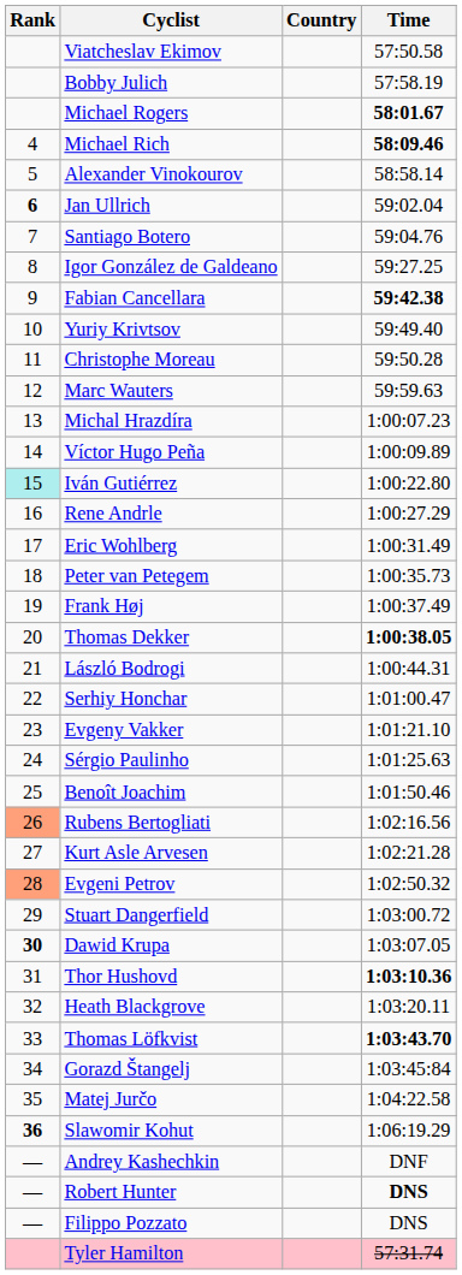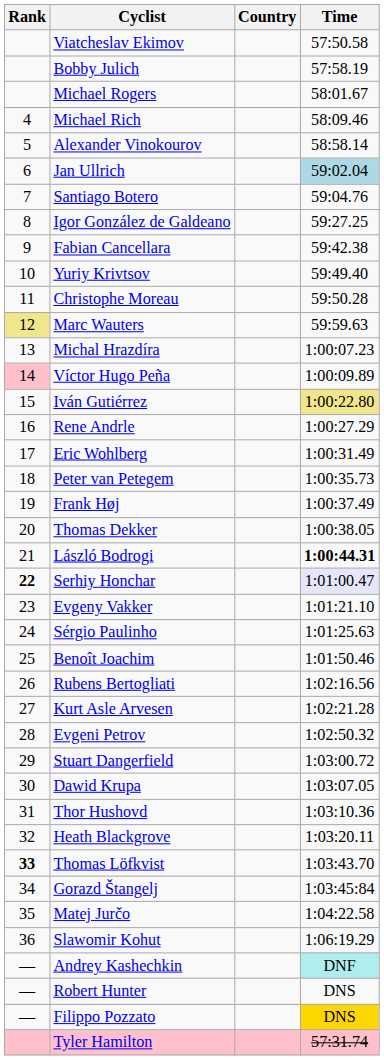 <table class="wikitable sortable" style="text-align:center;">
 <tr>
 <th>Rank</th>
 <th>Cyclist</th>
 <th>Country</th>
 <th>Time</th>
 </tr>
 <tr>
 <td></td>
 <td align=left><a href='#'>Viatcheslav Ekimov</a></td>
 <td align=left></td>
 <td>57:50.58</td>
 </tr>
 <tr>
 <td></td>
 <td align=left><a href='#'>Bobby Julich</a></td>
 <td align=left></td>
 <td>57:58.19</td>
 </tr>
 <tr>
 <td></td>
 <td align=left><a href='#'>Michael Rogers</a></td>
 <td align=left></td>
-<td><strong>58:01.67</strong></td>
+<td>58:01.67</td>
 </tr>
 <tr>
 <td>4</td>
 <td align=left><a href='#'>Michael Rich</a></td>
 <td align=left></td>
-<td><strong>58:09.46</strong></td>
+<td>58:09.46</td>
 </tr>
 <tr>
 <td>5</td>
 <td align=left><a href='#'>Alexander Vinokourov</a></td>
 <td align=left></td>
 <td>58:58.14</td>
 </tr>
 <tr>
-<td><strong>6</strong></td>
+<td>6</td>
 <td align=left><a href='#'>Jan Ullrich</a></td>
 <td align=left></td>
-<td>59:02.04</td>
+<td style="background: lightblue;">59:02.04</td>
 </tr>
 <tr>
 <td>7</td>
 <td align=left><a href='#'>Santiago Botero</a></td>
 <td align=left></td>
 <td>59:04.76</td>
 </tr>
 <tr>
 <td>8</td>
 <td align=left><a href='#'>Igor González de Galdeano</a></td>
 <td align=left></td>
 <td>59:27.25</td>
 </tr>
 <tr>
 <td>9</td>
 <td align=left><a href='#'>Fabian Cancellara</a></td>
 <td align=left></td>
-<td><strong>59:42.38</strong></td>
+<td>59:42.38</td>
 </tr>
 <tr>
 <td>10</td>
 <td align=left><a href='#'>Yuriy Krivtsov</a></td>
 <td align=left></td>
 <td>59:49.40</td>
 </tr>
 <tr>
 <td>11</td>
 <td align=left><a href='#'>Christophe Moreau</a></td>
 <td align=left></td>
 <td>59:50.28</td>
 </tr>
 <tr>
-<td>12</td>
+<td style="background: khaki;">12</td>
 <td align=left><a href='#'>Marc Wauters</a></td>
 <td align=left></td>
 <td>59:59.63</td>
 </tr>
 <tr>
 <td>13</td>
 <td align=left><a href='#'>Michal Hrazdíra</a></td>
 <td align=left></td>
 <td>1:00:07.23</td>
 </tr>
 <tr>
-<td>14</td>
+<td style="background: pink;">14</td>
 <td align=left><a href='#'>Víctor Hugo Peña</a></td>
 <td align=left></td>
 <td>1:00:09.89</td>
 </tr>
 <tr>
-<td style="background: paleturquoise;">15</td>
+<td>15</td>
 <td align=left><a href='#'>Iván Gutiérrez</a></td>
 <td align=left></td>
-<td>1:00:22.80</td>
+<td style="background: khaki;">1:00:22.80</td>
 </tr>
 <tr>
 <td>16</td>
 <td align=left><a href='#'>Rene Andrle</a></td>
 <td align=left></td>
 <td>1:00:27.29</td>
 </tr>
 <tr>
 <td>17</td>
 <td align=left><a href='#'>Eric Wohlberg</a></td>
 <td align=left></td>
 <td>1:00:31.49</td>
 </tr>
 <tr>
 <td>18</td>
 <td align=left><a href='#'>Peter van Petegem</a></td>
 <td align=left></td>
 <td>1:00:35.73</td>
 </tr>
 <tr>
 <td>19</td>
 <td align=left><a href='#'>Frank Høj</a></td>
 <td align=left></td>
 <td>1:00:37.49</td>
 </tr>
 <tr>
 <td>20</td>
 <td align=left><a href='#'>Thomas Dekker</a></td>
 <td align=left></td>
-<td><strong>1:00:38.05</strong></td>
+<td>1:00:38.05</td>
 </tr>
 <tr>
 <td>21</td>
 <td align=left><a href='#'>László Bodrogi</a></td>
 <td align=left></td>
-<td>1:00:44.31</td>
+<td><strong>1:00:44.31</strong></td>
 </tr>
 <tr>
-<td>22</td>
+<td><strong>22</strong></td>
 <td align=left><a href='#'>Serhiy Honchar</a></td>
 <td align=left></td>
-<td>1:01:00.47</td>
+<td style="background: lavender;">1:01:00.47</td>
 </tr>
 <tr>
 <td>23</td>
 <td align=left><a href='#'>Evgeny Vakker</a></td>
 <td align=left></td>
 <td>1:01:21.10</td>
 </tr>
 <tr>
 <td>24</td>
 <td align=left><a href='#'>Sérgio Paulinho</a></td>
 <td align=left></td>
 <td>1:01:25.63</td>
 </tr>
 <tr>
 <td>25</td>
 <td align=left><a href='#'>Benoît Joachim</a></td>
 <td align=left></td>
 <td>1:01:50.46</td>
 </tr>
 <tr>
-<td style="background: lightsalmon;">26</td>
+<td>26</td>
 <td align=left><a href='#'>Rubens Bertogliati</a></td>
 <td align=left></td>
 <td>1:02:16.56</td>
 </tr>
 <tr>
 <td>27</td>
 <td align=left><a href='#'>Kurt Asle Arvesen</a></td>
 <td align=left></td>
 <td>1:02:21.28</td>
 </tr>
 <tr>
-<td style="background: lightsalmon;">28</td>
+<td>28</td>
 <td align=left><a href='#'>Evgeni Petrov</a></td>
 <td align=left></td>
 <td>1:02:50.32</td>
 </tr>
 <tr>
 <td>29</td>
 <td align=left><a href='#'>Stuart Dangerfield</a></td>
 <td align=left></td>
 <td>1:03:00.72</td>
 </tr>
 <tr>
-<td><strong>30</strong></td>
+<td>30</td>
 <td align=left><a href='#'>Dawid Krupa</a></td>
 <td align=left></td>
 <td>1:03:07.05</td>
 </tr>
 <tr>
 <td>31</td>
 <td align=left><a href='#'>Thor Hushovd</a></td>
 <td align=left></td>
-<td><strong>1:03:10.36</strong></td>
+<td>1:03:10.36</td>
 </tr>
 <tr>
 <td>32</td>
 <td align=left><a href='#'>Heath Blackgrove</a></td>
 <td align=left></td>
 <td>1:03:20.11</td>
 </tr>
 <tr>
-<td>33</td>
+<td><strong>33</strong></td>
 <td align=left><a href='#'>Thomas Löfkvist</a></td>
 <td align=left></td>
-<td><strong>1:03:43.70</strong></td>
+<td>1:03:43.70</td>
 </tr>
 <tr>
 <td>34</td>
 <td align=left><a href='#'>Gorazd Štangelj</a></td>
 <td align=left></td>
 <td>1:03:45:84</td>
 </tr>
 <tr>
 <td>35</td>
 <td align=left><a href='#'>Matej Jurčo</a></td>
 <td align=left></td>
 <td>1:04:22.58</td>
 </tr>
 <tr>
-<td><strong>36</strong></td>
+<td>36</td>
 <td align=left><a href='#'>Slawomir Kohut</a></td>
 <td align=left></td>
 <td>1:06:19.29</td>
 </tr>
 <tr>
 <td>—</td>
 <td align=left><a href='#'>Andrey Kashechkin</a></td>
 <td align=left></td>
-<td>DNF</td>
+<td style="background: paleturquoise;">DNF</td>
 </tr>
 <tr>
 <td>—</td>
 <td align=left><a href='#'>Robert Hunter</a></td>
 <td align=left></td>
-<td><strong>DNS</strong></td>
+<td>DNS</td>
 </tr>
 <tr>
 <td>—</td>
 <td align=left><a href='#'>Filippo Pozzato</a></td>
 <td align=left></td>
-<td>DNS</td>
+<td style="background: gold;">DNS</td>
 </tr>
 <tr bgcolor=pink>
 <td></td>
 <td align=left><a href='#'>Tyler Hamilton</a></td>
 <td align=left></td>
 <td><s>57:31.74</s></td>
 </tr>
 </table>
